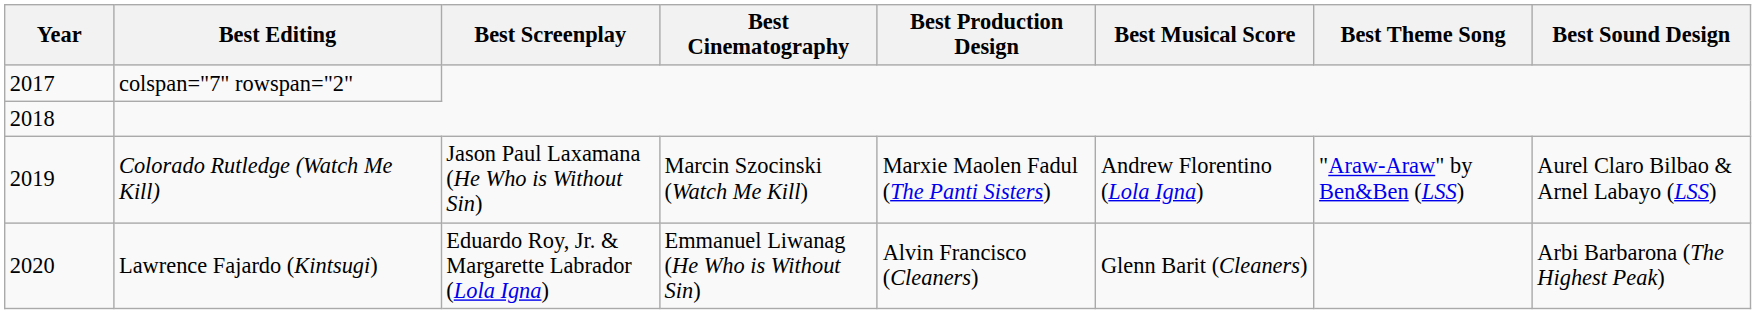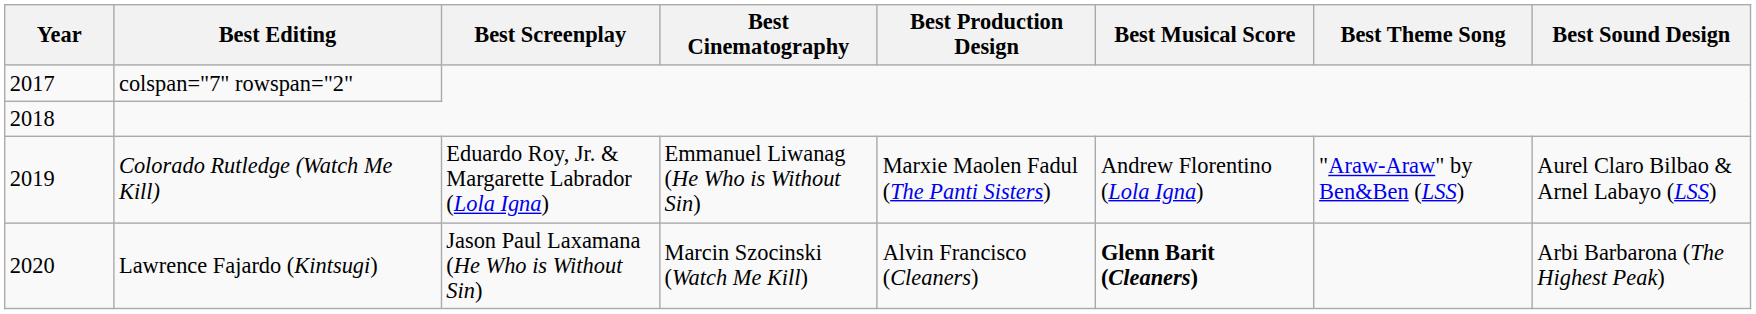 <table class="wikitable">
 <tr>
 <th style="width:5%;">Year</th>
 <th style="width:15%;">Best Editing</th>
 <th style="width:10%;">Best Screenplay</th>
 <th style="width:10%;">Best Cinematography</th>
 <th style="width:10%;">Best Production Design</th>
 <th style="width:10%;">Best Musical Score</th>
 <th style="width:10%;">Best Theme Song</th>
 <th style="width:10%;">Best Sound Design</th>
 </tr>
 <tr>
 <td>2017</td>
 <td>colspan="7" rowspan="2" </td>
 </tr>
 <tr>
 <td>2018</td>
 </tr>
 <tr>
 <td>2019</td>
 <td><em>Colorado Rutledge (Watch Me Kill)</em></td>
-<td>Jason Paul Laxamana (<em>He Who is Without Sin</em>)</td>
-<td>Marcin Szocinski (<em>Watch Me Kill</em>)</td>
+<td>Eduardo Roy, Jr. & Margarette Labrador (<em><a href='#'>Lola Igna</a></em>)</td>
+<td>Emmanuel Liwanag (<em>He Who is Without Sin</em>)</td>
 <td>Marxie Maolen Fadul (<em><a href='#'>The Panti Sisters</a></em>)</td>
 <td>Andrew Florentino (<em><a href='#'>Lola Igna</a></em>)</td>
 <td>"<a href='#'>Araw-Araw</a>" by <a href='#'>Ben&Ben</a> (<em><a href='#'>LSS</a></em>)</td>
 <td>Aurel Claro Bilbao & Arnel Labayo (<a href='#'><em>LSS</em></a>)</td>
 </tr>
 <tr>
 <td>2020</td>
 <td>Lawrence Fajardo (<em>Kintsugi</em>)</td>
-<td>Eduardo Roy, Jr. & Margarette Labrador (<em><a href='#'>Lola Igna</a></em>)</td>
-<td>Emmanuel Liwanag (<em>He Who is Without Sin</em>)</td>
+<td>Jason Paul Laxamana (<em>He Who is Without Sin</em>)</td>
+<td>Marcin Szocinski (<em>Watch Me Kill</em>)</td>
 <td>Alvin Francisco (<em>Cleaners</em>)</td>
-<td>Glenn Barit (<em>Cleaners</em>)</td>
+<td><strong>Glenn Barit (<em>Cleaners</em>)</strong></td>
 <td></td>
 <td>Arbi Barbarona (<em>The Highest Peak</em>)</td>
 </tr>
 </table>
